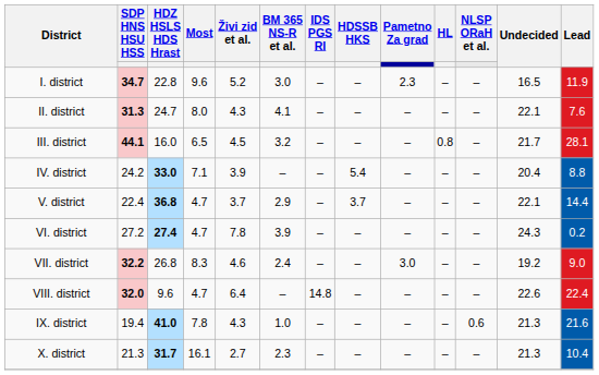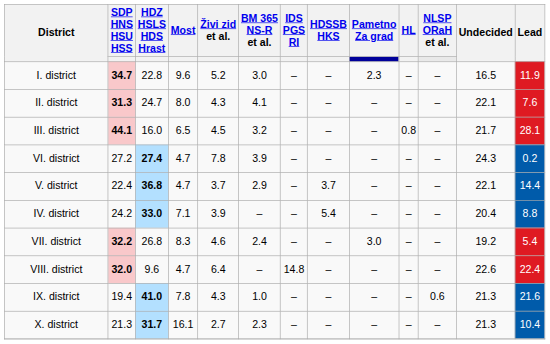 <table class="wikitable" style="text-align:center;">
 <tr style="height:42px;">
 <th style="width:150px;" rowspan="2">District</th>
 <th><a href='#'>SDP</a><br><a href='#'>HNS</a><br><a href='#'>HSU</a><br><a href='#'>HSS</a></th>
 <th><a href='#'>HDZ</a><br><a href='#'>HSLS</a><br><a href='#'>HDS</a><br><a href='#'>Hrast</a></th>
 <th><a href='#'>Most</a></th>
 <th><a href='#'>Živi zid</a><br>et al.</th>
 <th><a href='#'>BM 365</a><br><a href='#'>NS-R</a><br>et al.</th>
 <th><a href='#'>IDS</a><br><a href='#'>PGS</a><br><a href='#'>RI</a></th>
 <th><a href='#'>HDSSB</a><br><a href='#'>HKS</a></th>
 <th><a href='#'>Pametno</a><br><a href='#'>Za grad</a></th>
 <th><a href='#'>HL</a></th>
 <th><a href='#'>NLSP</a><br><a href='#'>ORaH</a><br>et al.</th>
 <th style="width:35px;" rowspan="2">Undecided</th>
 <th style="width:20px;" rowspan="2">Lead</th>
 </tr>
 <tr>
 <th style="background:"></th>
 <th style="background:"></th>
 <th style="background:"></th>
 <th style="background:"></th>
 <th style="background:"></th>
 <th style="background:"></th>
 <th style="background:"></th>
 <th style="background-color:#00009a; width:50px;"></th>
 <th style="background:"></th>
 <th style="background-color:#E9E9E9; width:50px;"></th>
 </tr>
 <tr style="height:42px;">
 <td>I. district</td>
 <td style="background:#F9C8CA"><strong>34.7</strong></td>
 <td>22.8</td>
 <td>9.6</td>
 <td>5.2</td>
 <td>3.0</td>
 <td>–</td>
 <td>–</td>
 <td>2.3</td>
 <td>–</td>
 <td>–</td>
 <td>16.5</td>
 <td style="background:#DF1A22; color:white;">11.9</td>
 </tr>
 <tr style="height:42px;">
 <td>II. district</td>
 <td style="background:#F9C8CA"><strong>31.3</strong></td>
 <td>24.7</td>
 <td>8.0</td>
 <td>4.3</td>
 <td>4.1</td>
 <td>–</td>
 <td>–</td>
 <td>–</td>
 <td>–</td>
 <td>–</td>
 <td>22.1</td>
 <td style="background:#DF1A22; color:white;">7.6</td>
 </tr>
 <tr style="height:42px;">
 <td>III. district</td>
 <td style="background:#F9C8CA"><strong>44.1</strong></td>
 <td>16.0</td>
 <td>6.5</td>
 <td>4.5</td>
 <td>3.2</td>
 <td>–</td>
 <td>–</td>
 <td>–</td>
 <td>0.8</td>
 <td>–</td>
 <td>21.7</td>
 <td style="background:#DF1A22; color:white;">28.1</td>
 </tr>
 <tr style="height:42px;">
-<td>IV. district</td>
-<td>24.2</td>
-<td style="background:#B3E0FF"><strong>33.0</strong></td>
-<td>7.1</td>
+<td>VI. district</td>
+<td>27.2</td>
+<td style="background:#B3E0FF"><strong>27.4</strong></td>
+<td>4.7</td>
+<td>7.8</td>
 <td>3.9</td>
 <td>–</td>
 <td>–</td>
-<td>5.4</td>
 <td>–</td>
 <td>–</td>
 <td>–</td>
-<td>20.4</td>
-<td style="background:#005BAA; color:white;">8.8</td>
+<td>24.3</td>
+<td style="background:#005BAA; color:white;">0.2</td>
 </tr>
 <tr style="height:42px;">
 <td>V. district</td>
 <td>22.4</td>
 <td style="background:#B3E0FF"><strong>36.8</strong></td>
 <td>4.7</td>
 <td>3.7</td>
 <td>2.9</td>
 <td>–</td>
 <td>3.7</td>
 <td>–</td>
 <td>–</td>
 <td>–</td>
 <td>22.1</td>
 <td style="background:#005BAA; color:white;">14.4</td>
 </tr>
 <tr style="height:42px;">
-<td>VI. district</td>
-<td>27.2</td>
-<td style="background:#B3E0FF"><strong>27.4</strong></td>
-<td>4.7</td>
-<td>7.8</td>
+<td>IV. district</td>
+<td>24.2</td>
+<td style="background:#B3E0FF"><strong>33.0</strong></td>
+<td>7.1</td>
 <td>3.9</td>
 <td>–</td>
 <td>–</td>
+<td>5.4</td>
 <td>–</td>
 <td>–</td>
 <td>–</td>
-<td>24.3</td>
-<td style="background:#005BAA; color:white;">0.2</td>
+<td>20.4</td>
+<td style="background:#005BAA; color:white;">8.8</td>
 </tr>
 <tr style="height:42px;">
 <td>VII. district</td>
 <td style="background:#F9C8CA"><strong>32.2</strong></td>
 <td>26.8</td>
 <td>8.3</td>
 <td>4.6</td>
 <td>2.4</td>
 <td>–</td>
 <td>–</td>
 <td>3.0</td>
 <td>–</td>
 <td>–</td>
 <td>19.2</td>
-<td style="background:#DF1A22; color:white;">9.0</td>
+<td style="background:#DF1A22; color:white;">5.4</td>
 </tr>
 <tr style="height:42px;">
 <td>VIII. district</td>
 <td style="background:#F9C8CA"><strong>32.0</strong></td>
 <td>9.6</td>
 <td>4.7</td>
 <td>6.4</td>
 <td>–</td>
 <td>14.8</td>
 <td>–</td>
 <td>–</td>
 <td>–</td>
 <td>–</td>
 <td>22.6</td>
 <td style="background:#DF1A22; color:white;">22.4</td>
 </tr>
 <tr style="height:42px;">
 <td>IX. district</td>
 <td>19.4</td>
 <td style="background:#B3E0FF"><strong>41.0</strong></td>
 <td>7.8</td>
 <td>4.3</td>
 <td>1.0</td>
 <td>–</td>
 <td>–</td>
 <td>–</td>
 <td>–</td>
 <td>0.6</td>
 <td>21.3</td>
 <td style="background:#005BAA; color:white;">21.6</td>
 </tr>
 <tr style="height:42px;">
 <td>X. district</td>
 <td>21.3</td>
 <td style="background:#B3E0FF"><strong>31.7</strong></td>
 <td>16.1</td>
 <td>2.7</td>
 <td>2.3</td>
 <td>–</td>
 <td>–</td>
 <td>–</td>
 <td>–</td>
 <td>–</td>
 <td>21.3</td>
 <td style="background:#005BAA; color:white;">10.4</td>
 </tr>
 <tr>
 </tr>
 </table>
